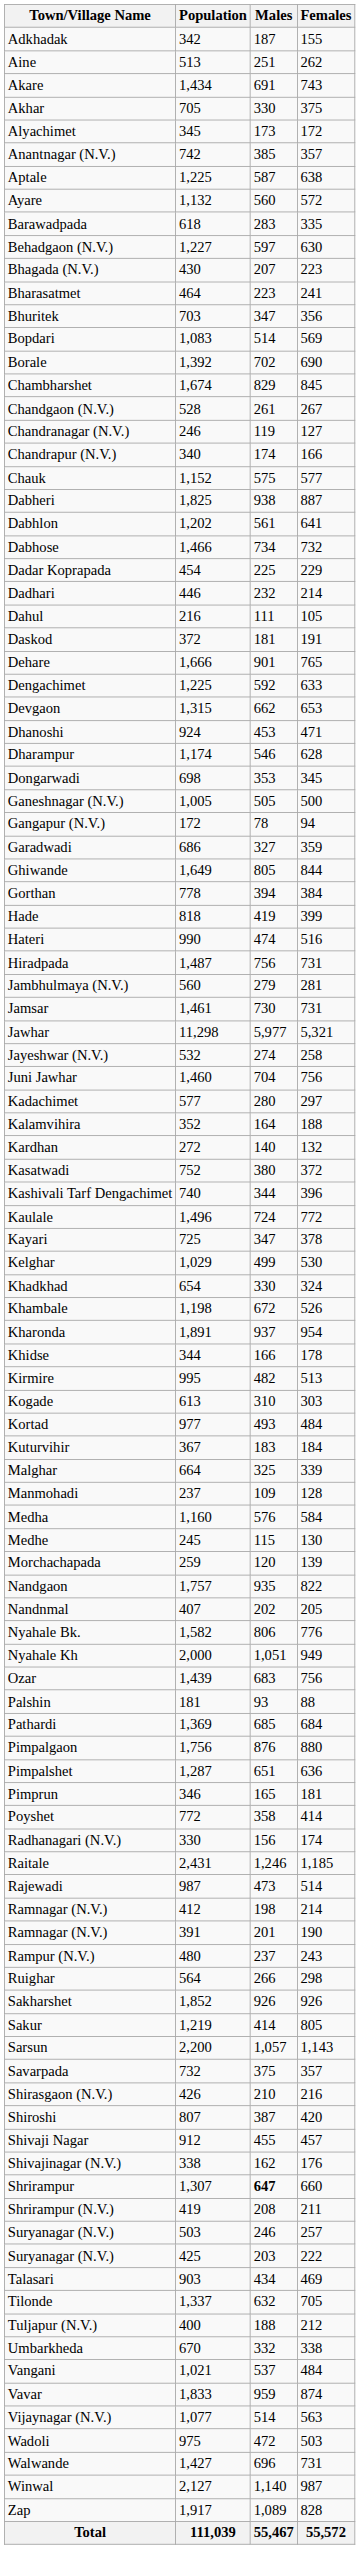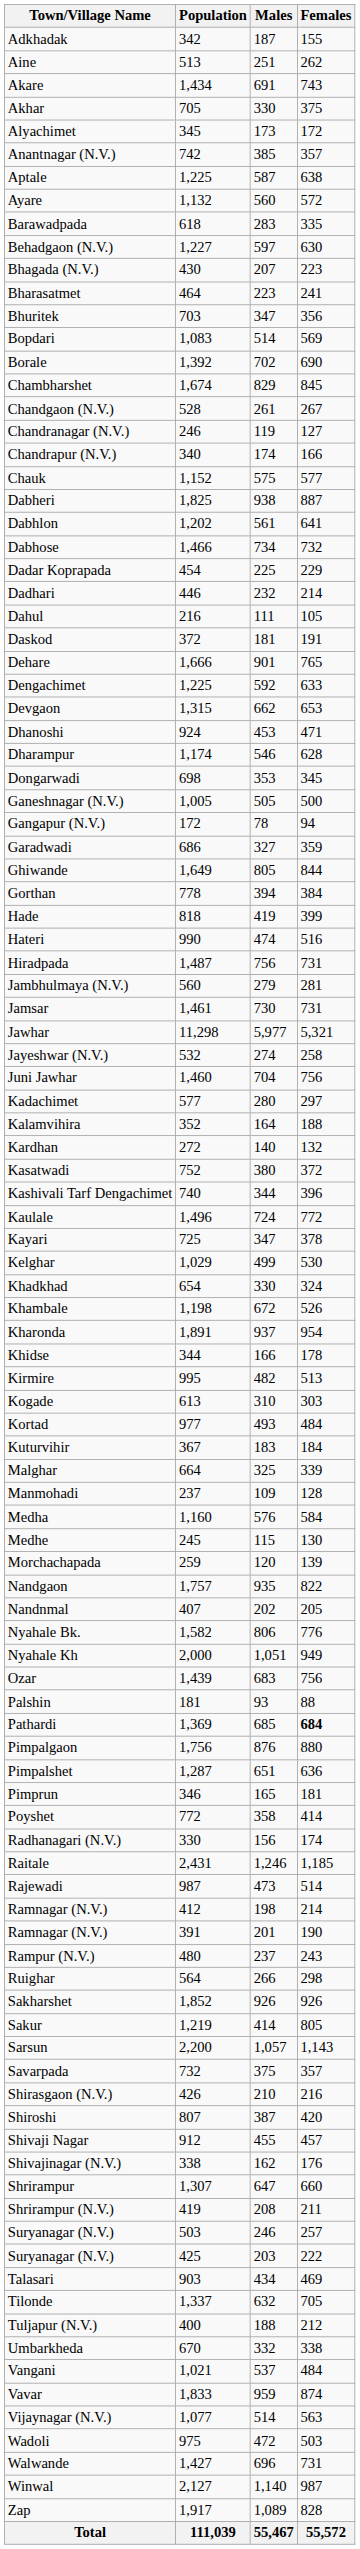 <table class="wikitable sortable collapsible collapsed">
 <tr>
 <th>Town/Village Name</th>
 <th>Population</th>
 <th>Males</th>
 <th>Females</th>
 </tr>
 <tr>
 <td>Adkhadak</td>
 <td>342</td>
 <td>187</td>
 <td>155</td>
 </tr>
 <tr>
 <td>Aine</td>
 <td>513</td>
 <td>251</td>
 <td>262</td>
 </tr>
 <tr>
 <td>Akare</td>
 <td>1,434</td>
 <td>691</td>
 <td>743</td>
 </tr>
 <tr>
 <td>Akhar</td>
 <td>705</td>
 <td>330</td>
 <td>375</td>
 </tr>
 <tr>
 <td>Alyachimet</td>
 <td>345</td>
 <td>173</td>
 <td>172</td>
 </tr>
 <tr>
 <td>Anantnagar (N.V.)</td>
 <td>742</td>
 <td>385</td>
 <td>357</td>
 </tr>
 <tr>
 <td>Aptale</td>
 <td>1,225</td>
 <td>587</td>
 <td>638</td>
 </tr>
 <tr>
 <td>Ayare</td>
 <td>1,132</td>
 <td>560</td>
 <td>572</td>
 </tr>
 <tr>
 <td>Barawadpada</td>
 <td>618</td>
 <td>283</td>
 <td>335</td>
 </tr>
 <tr>
 <td>Behadgaon (N.V.)</td>
 <td>1,227</td>
 <td>597</td>
 <td>630</td>
 </tr>
 <tr>
 <td>Bhagada (N.V.)</td>
 <td>430</td>
 <td>207</td>
 <td>223</td>
 </tr>
 <tr>
 <td>Bharasatmet</td>
 <td>464</td>
 <td>223</td>
 <td>241</td>
 </tr>
 <tr>
 <td>Bhuritek</td>
 <td>703</td>
 <td>347</td>
 <td>356</td>
 </tr>
 <tr>
 <td>Bopdari</td>
 <td>1,083</td>
 <td>514</td>
 <td>569</td>
 </tr>
 <tr>
 <td>Borale</td>
 <td>1,392</td>
 <td>702</td>
 <td>690</td>
 </tr>
 <tr>
 <td>Chambharshet</td>
 <td>1,674</td>
 <td>829</td>
 <td>845</td>
 </tr>
 <tr>
 <td>Chandgaon (N.V.)</td>
 <td>528</td>
 <td>261</td>
 <td>267</td>
 </tr>
 <tr>
 <td>Chandranagar (N.V.)</td>
 <td>246</td>
 <td>119</td>
 <td>127</td>
 </tr>
 <tr>
 <td>Chandrapur (N.V.)</td>
 <td>340</td>
 <td>174</td>
 <td>166</td>
 </tr>
 <tr>
 <td>Chauk</td>
 <td>1,152</td>
 <td>575</td>
 <td>577</td>
 </tr>
 <tr>
 <td>Dabheri</td>
 <td>1,825</td>
 <td>938</td>
 <td>887</td>
 </tr>
 <tr>
 <td>Dabhlon</td>
 <td>1,202</td>
 <td>561</td>
 <td>641</td>
 </tr>
 <tr>
 <td>Dabhose</td>
 <td>1,466</td>
 <td>734</td>
 <td>732</td>
 </tr>
 <tr>
 <td>Dadar Koprapada</td>
 <td>454</td>
 <td>225</td>
 <td>229</td>
 </tr>
 <tr>
 <td>Dadhari</td>
 <td>446</td>
 <td>232</td>
 <td>214</td>
 </tr>
 <tr>
 <td>Dahul</td>
 <td>216</td>
 <td>111</td>
 <td>105</td>
 </tr>
 <tr>
 <td>Daskod</td>
 <td>372</td>
 <td>181</td>
 <td>191</td>
 </tr>
 <tr>
 <td>Dehare</td>
 <td>1,666</td>
 <td>901</td>
 <td>765</td>
 </tr>
 <tr>
 <td>Dengachimet</td>
 <td>1,225</td>
 <td>592</td>
 <td>633</td>
 </tr>
 <tr>
 <td>Devgaon</td>
 <td>1,315</td>
 <td>662</td>
 <td>653</td>
 </tr>
 <tr>
 <td>Dhanoshi</td>
 <td>924</td>
 <td>453</td>
 <td>471</td>
 </tr>
 <tr>
 <td>Dharampur</td>
 <td>1,174</td>
 <td>546</td>
 <td>628</td>
 </tr>
 <tr>
 <td>Dongarwadi</td>
 <td>698</td>
 <td>353</td>
 <td>345</td>
 </tr>
 <tr>
 <td>Ganeshnagar (N.V.)</td>
 <td>1,005</td>
 <td>505</td>
 <td>500</td>
 </tr>
 <tr>
 <td>Gangapur (N.V.)</td>
 <td>172</td>
 <td>78</td>
 <td>94</td>
 </tr>
 <tr>
 <td>Garadwadi</td>
 <td>686</td>
 <td>327</td>
 <td>359</td>
 </tr>
 <tr>
 <td>Ghiwande</td>
 <td>1,649</td>
 <td>805</td>
 <td>844</td>
 </tr>
 <tr>
 <td>Gorthan</td>
 <td>778</td>
 <td>394</td>
 <td>384</td>
 </tr>
 <tr>
 <td>Hade</td>
 <td>818</td>
 <td>419</td>
 <td>399</td>
 </tr>
 <tr>
 <td>Hateri</td>
 <td>990</td>
 <td>474</td>
 <td>516</td>
 </tr>
 <tr>
 <td>Hiradpada</td>
 <td>1,487</td>
 <td>756</td>
 <td>731</td>
 </tr>
 <tr>
 <td>Jambhulmaya (N.V.)</td>
 <td>560</td>
 <td>279</td>
 <td>281</td>
 </tr>
 <tr>
 <td>Jamsar</td>
 <td>1,461</td>
 <td>730</td>
 <td>731</td>
 </tr>
 <tr>
 <td>Jawhar</td>
 <td>11,298</td>
 <td>5,977</td>
 <td>5,321</td>
 </tr>
 <tr>
 <td>Jayeshwar (N.V.)</td>
 <td>532</td>
 <td>274</td>
 <td>258</td>
 </tr>
 <tr>
 <td>Juni Jawhar</td>
 <td>1,460</td>
 <td>704</td>
 <td>756</td>
 </tr>
 <tr>
 <td>Kadachimet</td>
 <td>577</td>
 <td>280</td>
 <td>297</td>
 </tr>
 <tr>
 <td>Kalamvihira</td>
 <td>352</td>
 <td>164</td>
 <td>188</td>
 </tr>
 <tr>
 <td>Kardhan</td>
 <td>272</td>
 <td>140</td>
 <td>132</td>
 </tr>
 <tr>
 <td>Kasatwadi</td>
 <td>752</td>
 <td>380</td>
 <td>372</td>
 </tr>
 <tr>
 <td>Kashivali Tarf Dengachimet</td>
 <td>740</td>
 <td>344</td>
 <td>396</td>
 </tr>
 <tr>
 <td>Kaulale</td>
 <td>1,496</td>
 <td>724</td>
 <td>772</td>
 </tr>
 <tr>
 <td>Kayari</td>
 <td>725</td>
 <td>347</td>
 <td>378</td>
 </tr>
 <tr>
 <td>Kelghar</td>
 <td>1,029</td>
 <td>499</td>
 <td>530</td>
 </tr>
 <tr>
 <td>Khadkhad</td>
 <td>654</td>
 <td>330</td>
 <td>324</td>
 </tr>
 <tr>
 <td>Khambale</td>
 <td>1,198</td>
 <td>672</td>
 <td>526</td>
 </tr>
 <tr>
 <td>Kharonda</td>
 <td>1,891</td>
 <td>937</td>
 <td>954</td>
 </tr>
 <tr>
 <td>Khidse</td>
 <td>344</td>
 <td>166</td>
 <td>178</td>
 </tr>
 <tr>
 <td>Kirmire</td>
 <td>995</td>
 <td>482</td>
 <td>513</td>
 </tr>
 <tr>
 <td>Kogade</td>
 <td>613</td>
 <td>310</td>
 <td>303</td>
 </tr>
 <tr>
 <td>Kortad</td>
 <td>977</td>
 <td>493</td>
 <td>484</td>
 </tr>
 <tr>
 <td>Kuturvihir</td>
 <td>367</td>
 <td>183</td>
 <td>184</td>
 </tr>
 <tr>
 <td>Malghar</td>
 <td>664</td>
 <td>325</td>
 <td>339</td>
 </tr>
 <tr>
 <td>Manmohadi</td>
 <td>237</td>
 <td>109</td>
 <td>128</td>
 </tr>
 <tr>
 <td>Medha</td>
 <td>1,160</td>
 <td>576</td>
 <td>584</td>
 </tr>
 <tr>
 <td>Medhe</td>
 <td>245</td>
 <td>115</td>
 <td>130</td>
 </tr>
 <tr>
 <td>Morchachapada</td>
 <td>259</td>
 <td>120</td>
 <td>139</td>
 </tr>
 <tr>
 <td>Nandgaon</td>
 <td>1,757</td>
 <td>935</td>
 <td>822</td>
 </tr>
 <tr>
 <td>Nandnmal</td>
 <td>407</td>
 <td>202</td>
 <td>205</td>
 </tr>
 <tr>
 <td>Nyahale Bk.</td>
 <td>1,582</td>
 <td>806</td>
 <td>776</td>
 </tr>
 <tr>
 <td>Nyahale Kh</td>
 <td>2,000</td>
 <td>1,051</td>
 <td>949</td>
 </tr>
 <tr>
 <td>Ozar</td>
 <td>1,439</td>
 <td>683</td>
 <td>756</td>
 </tr>
 <tr>
 <td>Palshin</td>
 <td>181</td>
 <td>93</td>
 <td>88</td>
 </tr>
 <tr>
 <td>Pathardi</td>
 <td>1,369</td>
 <td>685</td>
-<td>684</td>
+<td><strong>684</strong></td>
 </tr>
 <tr>
 <td>Pimpalgaon</td>
 <td>1,756</td>
 <td>876</td>
 <td>880</td>
 </tr>
 <tr>
 <td>Pimpalshet</td>
 <td>1,287</td>
 <td>651</td>
 <td>636</td>
 </tr>
 <tr>
 <td>Pimprun</td>
 <td>346</td>
 <td>165</td>
 <td>181</td>
 </tr>
 <tr>
 <td>Poyshet</td>
 <td>772</td>
 <td>358</td>
 <td>414</td>
 </tr>
 <tr>
 <td>Radhanagari (N.V.)</td>
 <td>330</td>
 <td>156</td>
 <td>174</td>
 </tr>
 <tr>
 <td>Raitale</td>
 <td>2,431</td>
 <td>1,246</td>
 <td>1,185</td>
 </tr>
 <tr>
 <td>Rajewadi</td>
 <td>987</td>
 <td>473</td>
 <td>514</td>
 </tr>
 <tr>
 <td>Ramnagar (N.V.)</td>
 <td>412</td>
 <td>198</td>
 <td>214</td>
 </tr>
 <tr>
 <td>Ramnagar (N.V.)</td>
 <td>391</td>
 <td>201</td>
 <td>190</td>
 </tr>
 <tr>
 <td>Rampur (N.V.)</td>
 <td>480</td>
 <td>237</td>
 <td>243</td>
 </tr>
 <tr>
 <td>Ruighar</td>
 <td>564</td>
 <td>266</td>
 <td>298</td>
 </tr>
 <tr>
 <td>Sakharshet</td>
 <td>1,852</td>
 <td>926</td>
 <td>926</td>
 </tr>
 <tr>
 <td>Sakur</td>
 <td>1,219</td>
 <td>414</td>
 <td>805</td>
 </tr>
 <tr>
 <td>Sarsun</td>
 <td>2,200</td>
 <td>1,057</td>
 <td>1,143</td>
 </tr>
 <tr>
 <td>Savarpada</td>
 <td>732</td>
 <td>375</td>
 <td>357</td>
 </tr>
 <tr>
 <td>Shirasgaon (N.V.)</td>
 <td>426</td>
 <td>210</td>
 <td>216</td>
 </tr>
 <tr>
 <td>Shiroshi</td>
 <td>807</td>
 <td>387</td>
 <td>420</td>
 </tr>
 <tr>
 <td>Shivaji Nagar</td>
 <td>912</td>
 <td>455</td>
 <td>457</td>
 </tr>
 <tr new Basti Sivaji new Basti Shivajinagar>
 <td>Shivajinagar (N.V.)</td>
 <td>338</td>
 <td>162</td>
 <td>176</td>
 </tr>
 <tr>
 <td>Shrirampur</td>
 <td>1,307</td>
-<td><strong>647</strong></td>
+<td>647</td>
 <td>660</td>
 </tr>
 <tr>
 <td>Shrirampur (N.V.)</td>
 <td>419</td>
 <td>208</td>
 <td>211</td>
 </tr>
 <tr>
 <td>Suryanagar (N.V.)</td>
 <td>503</td>
 <td>246</td>
 <td>257</td>
 </tr>
 <tr>
 <td>Suryanagar (N.V.)</td>
 <td>425</td>
 <td>203</td>
 <td>222</td>
 </tr>
 <tr>
 <td>Talasari</td>
 <td>903</td>
 <td>434</td>
 <td>469</td>
 </tr>
 <tr>
 <td>Tilonde</td>
 <td>1,337</td>
 <td>632</td>
 <td>705</td>
 </tr>
 <tr>
 <td>Tuljapur (N.V.)</td>
 <td>400</td>
 <td>188</td>
 <td>212</td>
 </tr>
 <tr>
 <td>Umbarkheda</td>
 <td>670</td>
 <td>332</td>
 <td>338</td>
 </tr>
 <tr>
 <td>Vangani</td>
 <td>1,021</td>
 <td>537</td>
 <td>484</td>
 </tr>
 <tr>
 <td>Vavar</td>
 <td>1,833</td>
 <td>959</td>
 <td>874</td>
 </tr>
 <tr>
 <td>Vijaynagar (N.V.)</td>
 <td>1,077</td>
 <td>514</td>
 <td>563</td>
 </tr>
 <tr>
 <td>Wadoli</td>
 <td>975</td>
 <td>472</td>
 <td>503</td>
 </tr>
 <tr>
 <td>Walwande</td>
 <td>1,427</td>
 <td>696</td>
 <td>731</td>
 </tr>
 <tr>
 <td>Winwal</td>
 <td>2,127</td>
 <td>1,140</td>
 <td>987</td>
 </tr>
 <tr>
 <td>Zap</td>
 <td>1,917</td>
 <td>1,089</td>
 <td>828</td>
 </tr>
 <tr>
 <th>Total</th>
 <th>111,039</th>
 <th>55,467</th>
 <th>55,572</th>
 </tr>
 </table>
